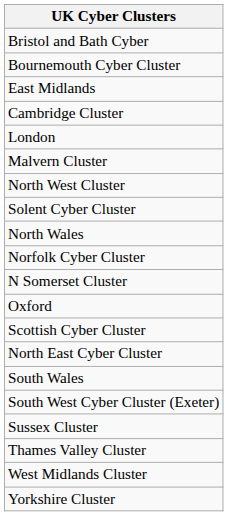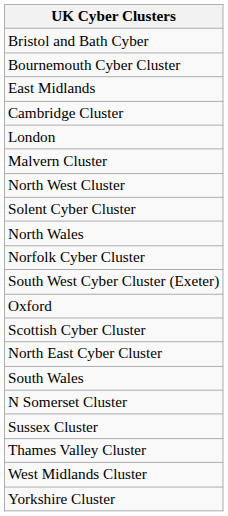 <table class="wikitable">
 <tr>
 <th>UK Cyber Clusters</th>
 </tr>
 <tr>
 <td>Bristol and Bath Cyber</td>
 </tr>
 <tr>
 <td>Bournemouth Cyber Cluster</td>
 </tr>
 <tr>
 <td>East Midlands</td>
 </tr>
 <tr>
 <td>Cambridge Cluster</td>
 </tr>
 <tr>
 <td>London</td>
 </tr>
 <tr>
 <td>Malvern Cluster</td>
 </tr>
 <tr>
 <td>North West Cluster</td>
 </tr>
 <tr>
 <td>Solent Cyber Cluster</td>
 </tr>
 <tr>
 <td>North Wales</td>
 </tr>
 <tr>
 <td>Norfolk Cyber Cluster</td>
 </tr>
 <tr>
-<td>N Somerset Cluster</td>
+<td>South West Cyber Cluster (Exeter)</td>
 </tr>
 <tr>
 <td>Oxford</td>
 </tr>
 <tr>
 <td>Scottish Cyber Cluster</td>
 </tr>
 <tr>
 <td>North East Cyber Cluster</td>
 </tr>
 <tr>
 <td>South Wales</td>
 </tr>
 <tr>
-<td>South West Cyber Cluster (Exeter)</td>
+<td>N Somerset Cluster</td>
 </tr>
 <tr>
 <td>Sussex Cluster</td>
 </tr>
 <tr>
 <td>Thames Valley Cluster</td>
 </tr>
 <tr>
 <td>West Midlands Cluster</td>
 </tr>
 <tr>
 <td>Yorkshire Cluster</td>
 </tr>
 </table>
